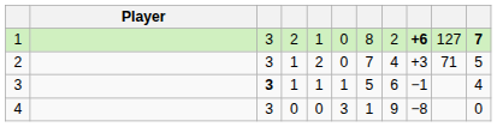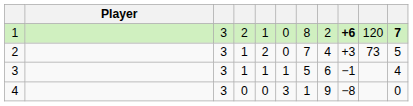 <table class="wikitable" style="text-align:center; margin: 1em auto 1em auto, align:left">
 <tr>
 <th width=20></th>
 <th width=240>Player</th>
 <th width=20></th>
 <th width=20></th>
 <th width=20></th>
 <th width=20></th>
 <th width=20></th>
 <th width=20></th>
 <th width=20></th>
 <th width=30></th>
 <th width=20></th>
 </tr>
 <tr style="background:#D0F0C0;">
 <td>1</td>
 <td align=left></td>
 <td>3</td>
 <td>2</td>
 <td>1</td>
 <td>0</td>
 <td>8</td>
 <td>2</td>
 <td><strong>+6</strong></td>
-<td>127</td>
+<td>120</td>
 <td><strong>7</strong></td>
 </tr>
 <tr style=>
 <td>2</td>
 <td align=left></td>
 <td>3</td>
 <td>1</td>
 <td>2</td>
 <td>0</td>
 <td>7</td>
 <td>4</td>
 <td>+3</td>
-<td>71</td>
+<td>73</td>
 <td>5</td>
 </tr>
 <tr style=>
 <td>3</td>
 <td align=left></td>
-<td><strong>3</strong></td>
+<td>3</td>
 <td>1</td>
 <td>1</td>
 <td>1</td>
 <td>5</td>
 <td>6</td>
 <td>−1</td>
 <td></td>
 <td>4</td>
 </tr>
 <tr style=>
 <td>4</td>
 <td align=left></td>
 <td>3</td>
 <td>0</td>
 <td>0</td>
 <td>3</td>
 <td>1</td>
 <td>9</td>
 <td>−8</td>
 <td></td>
 <td>0</td>
 </tr>
 </table>
